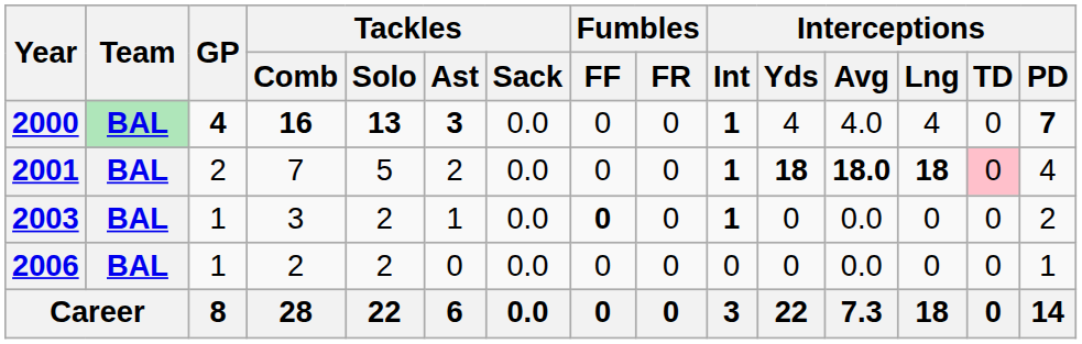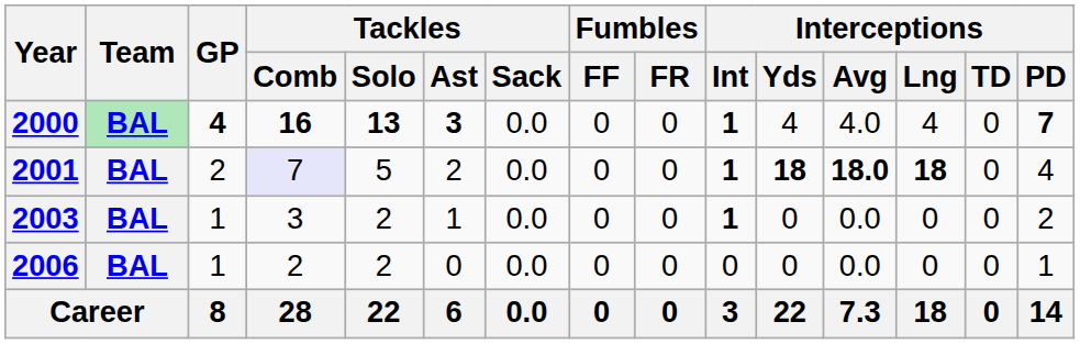 <table class="wikitable" style="text-align:center">
 <tr>
 <th rowspan="2">Year</th>
 <th rowspan="2">Team</th>
 <th rowspan="2">GP</th>
 <th colspan="4">Tackles</th>
 <th colspan="2">Fumbles</th>
 <th colspan="6">Interceptions</th>
 </tr>
 <tr>
 <th>Comb</th>
 <th>Solo</th>
 <th>Ast</th>
 <th>Sack</th>
 <th>FF</th>
 <th>FR</th>
 <th>Int</th>
 <th>Yds</th>
 <th>Avg</th>
 <th>Lng</th>
 <th>TD</th>
 <th>PD</th>
 </tr>
 <tr>
 <th><a href='#'>2000</a></th>
 <th style="background:#afe6ba; width:3em;"><a href='#'>BAL</a></th>
 <td><strong>4</strong></td>
 <td><strong>16</strong></td>
 <td><strong>13</strong></td>
 <td><strong>3</strong></td>
 <td>0.0</td>
 <td>0</td>
 <td>0</td>
 <td><strong>1</strong></td>
 <td>4</td>
 <td>4.0</td>
 <td>4</td>
 <td>0</td>
 <td><strong>7</strong></td>
 </tr>
 <tr>
 <th><a href='#'>2001</a></th>
 <th><a href='#'>BAL</a></th>
 <td>2</td>
-<td>7</td>
+<td style="background: lavender;">7</td>
 <td>5</td>
 <td>2</td>
 <td>0.0</td>
 <td>0</td>
 <td>0</td>
 <td><strong>1</strong></td>
 <td><strong>18</strong></td>
 <td><strong>18.0</strong></td>
 <td><strong>18</strong></td>
-<td style="background: pink;">0</td>
+<td>0</td>
 <td>4</td>
 </tr>
 <tr>
 <th><a href='#'>2003</a></th>
 <th><a href='#'>BAL</a></th>
 <td>1</td>
 <td>3</td>
 <td>2</td>
 <td>1</td>
 <td>0.0</td>
-<td><strong>0</strong></td>
+<td>0</td>
 <td>0</td>
 <td><strong>1</strong></td>
 <td>0</td>
 <td>0.0</td>
 <td>0</td>
 <td>0</td>
 <td>2</td>
 </tr>
 <tr>
 <th><a href='#'>2006</a></th>
 <th><a href='#'>BAL</a></th>
 <td>1</td>
 <td>2</td>
 <td>2</td>
 <td>0</td>
 <td>0.0</td>
 <td>0</td>
 <td>0</td>
 <td>0</td>
 <td>0</td>
 <td>0.0</td>
 <td>0</td>
 <td>0</td>
 <td>1</td>
 </tr>
 <tr>
 <th colspan="2">Career</th>
 <th>8</th>
 <th>28</th>
 <th>22</th>
 <th>6</th>
 <th>0.0</th>
 <th>0</th>
 <th>0</th>
 <th>3</th>
 <th>22</th>
 <th>7.3</th>
 <th>18</th>
 <th>0</th>
 <th>14</th>
 </tr>
 </table>
